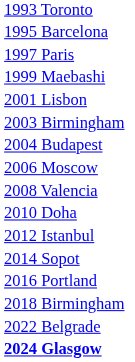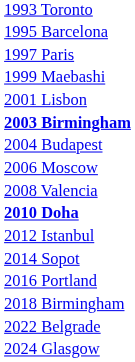 <table>
 <tr>
 <td><a href='#'>1993 Toronto</a><br></td>
 <td></td>
 <td></td>
 <td></td>
 </tr>
 <tr>
 <td><a href='#'>1995 Barcelona</a><br></td>
 <td></td>
 <td></td>
 <td></td>
 </tr>
 <tr>
 <td><a href='#'>1997 Paris</a><br></td>
 <td></td>
 <td></td>
 <td></td>
 </tr>
 <tr>
 <td><a href='#'>1999 Maebashi</a><br></td>
 <td></td>
 <td></td>
 <td></td>
 </tr>
 <tr>
 <td><a href='#'>2001 Lisbon</a><br></td>
 <td></td>
 <td></td>
 <td></td>
 </tr>
 <tr>
-<td><a href='#'>2003 Birmingham</a><br></td>
+<td><strong><a href='#'>2003 Birmingham</a><br></strong></td>
 <td></td>
 <td></td>
 <td></td>
 </tr>
 <tr>
 <td><a href='#'>2004 Budapest</a><br></td>
 <td></td>
 <td></td>
 <td></td>
 </tr>
 <tr>
 <td><a href='#'>2006 Moscow</a><br></td>
 <td></td>
 <td></td>
 <td></td>
 </tr>
 <tr>
 <td><a href='#'>2008 Valencia</a><br></td>
 <td></td>
 <td></td>
 <td></td>
 </tr>
 <tr>
-<td><a href='#'>2010 Doha</a><br></td>
+<td><strong><a href='#'>2010 Doha</a><br></strong></td>
 <td></td>
 <td></td>
 <td></td>
 </tr>
 <tr>
 <td><a href='#'>2012 Istanbul</a><br></td>
 <td></td>
 <td></td>
 <td></td>
 </tr>
 <tr>
 <td><a href='#'>2014 Sopot</a><br></td>
 <td></td>
 <td></td>
 <td></td>
 </tr>
 <tr>
 <td><a href='#'>2016 Portland</a><br></td>
 <td></td>
 <td></td>
 <td></td>
 </tr>
 <tr>
 <td><a href='#'>2018 Birmingham</a><br></td>
 <td></td>
 <td></td>
 <td></td>
 </tr>
 <tr>
 <td><a href='#'>2022 Belgrade</a><br></td>
 <td></td>
 <td></td>
 <td></td>
 </tr>
 <tr>
-<td><strong><a href='#'>2024 Glasgow</a><br></strong></td>
+<td><a href='#'>2024 Glasgow</a><br></td>
 <td></td>
 <td></td>
 <td></td>
 </tr>
 </table>
